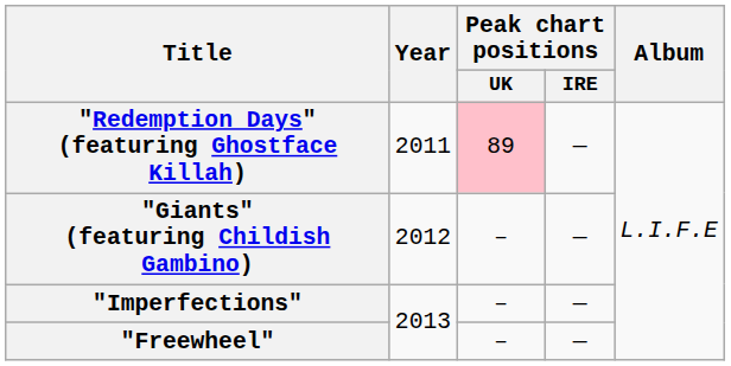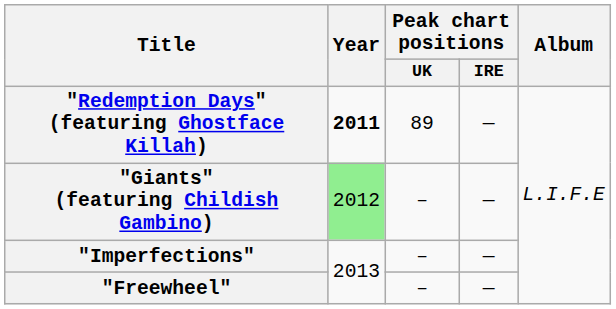 <table class="wikitable plainrowheaders" style="text-align:center;" border="1">
 <tr>
 <th scope="col" rowspan="2" style="width:16em;">Title</th>
 <th scope="col" rowspan="2">Year</th>
 <th scope="col" colspan="2">Peak chart positions</th>
 <th scope="col" rowspan="2">Album</th>
 </tr>
 <tr>
 <th scope="col" style="width:4em;font-size:85%;">UK</th>
 <th scope="col" style="width:3em;font-size:85%;">IRE</th>
 </tr>
 <tr>
 <th scope="row">"<a href='#'>Redemption Days</a>" <br><span>(featuring <a href='#'>Ghostface Killah</a>)</span></th>
-<td rowspan="1">2011</td>
-<td style="background: pink;">89</td>
+<td rowspan="1"><strong>2011</strong></td>
+<td>89</td>
 <td>—</td>
 <td rowspan="4"><em>L.I.F.E</em></td>
 </tr>
 <tr>
 <th scope="row">"Giants" <br><span>(featuring <a href='#'>Childish Gambino</a>)</span></th>
-<td rowspan="1">2012</td>
+<td rowspan="1" style="background: lightgreen;">2012</td>
 <td>–</td>
 <td>—</td>
 </tr>
 <tr>
 <th scope="row">"Imperfections"</th>
 <td rowspan="2">2013</td>
 <td>–</td>
 <td>—</td>
 </tr>
 <tr>
 <th scope="row">"Freewheel"</th>
 <td>–</td>
 <td>—</td>
 </tr>
 </table>
